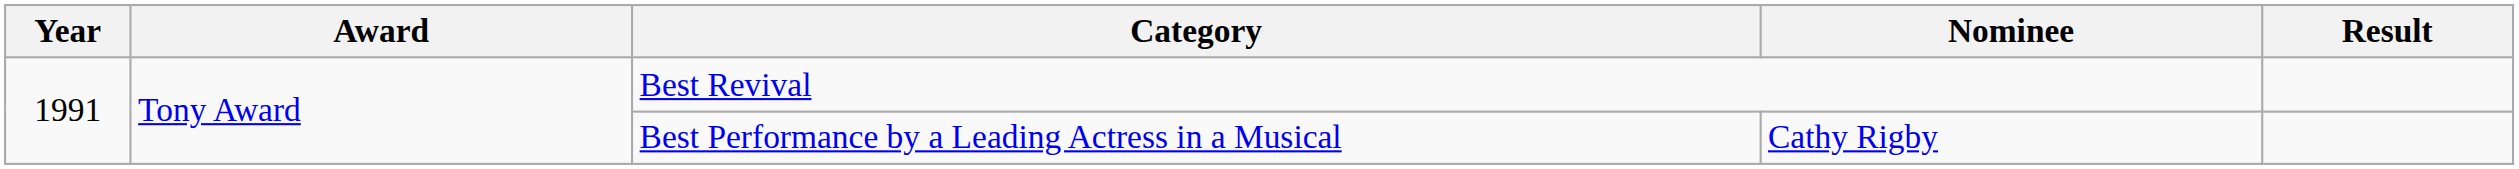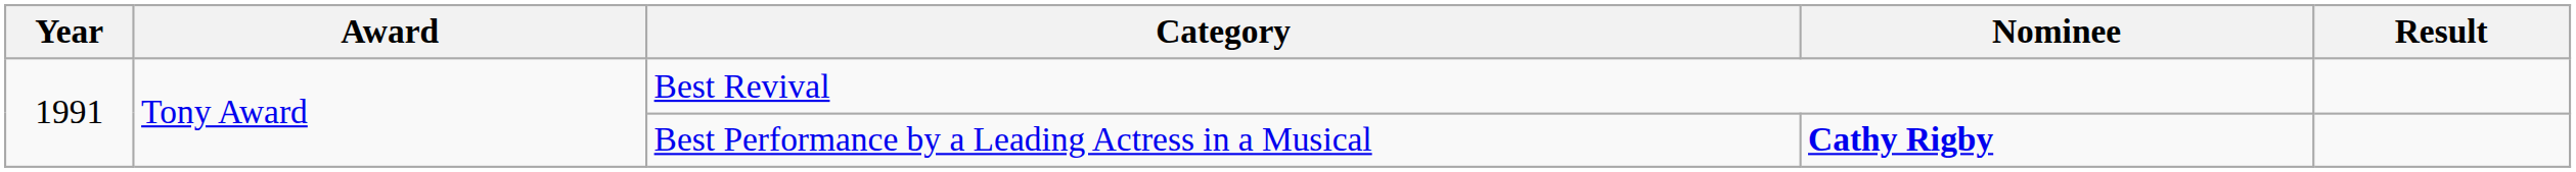 <table class="wikitable" width="95%">
 <tr>
 <th width="5%">Year</th>
 <th width="20%">Award</th>
 <th width="45%">Category</th>
 <th width="20%">Nominee</th>
 <th width="10%">Result</th>
 </tr>
 <tr>
 <td rowspan="2" align="center">1991</td>
 <td rowspan="2"><a href='#'>Tony Award</a></td>
 <td colspan="2"><a href='#'>Best Revival</a></td>
 <td></td>
 </tr>
 <tr>
 <td><a href='#'>Best Performance by a Leading Actress in a Musical</a></td>
-<td><a href='#'>Cathy Rigby</a></td>
+<td><strong><a href='#'>Cathy Rigby</a></strong></td>
 <td></td>
 </tr>
 </table>
